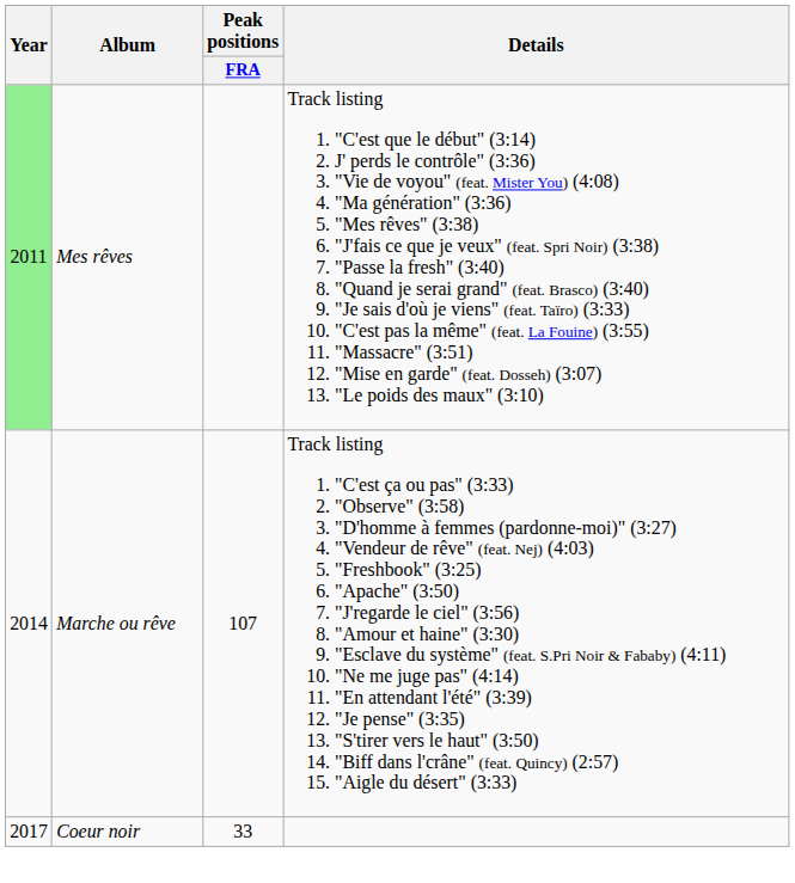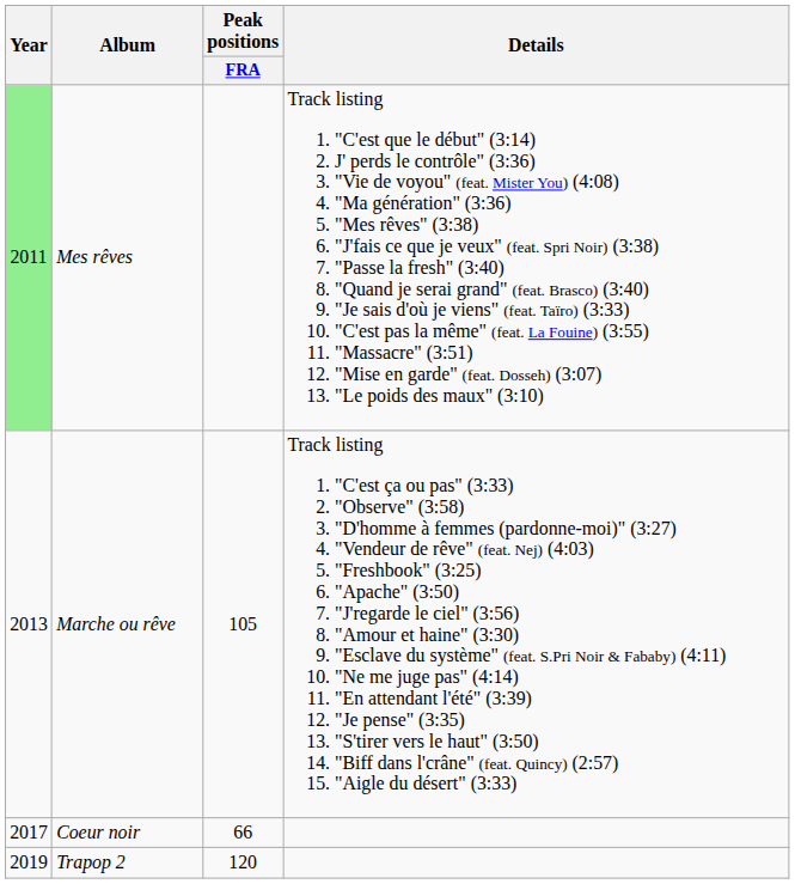 <table class="wikitable">
 <tr>
 <th align="center" rowspan="2" width="10">Year</th>
 <th align="center" rowspan="2" width="120">Album</th>
 <th align="center" colspan="1" width="20">Peak positions</th>
 <th align="center" rowspan="2" width="420">Details</th>
 </tr>
 <tr>
 <th scope="col" style="width:3em;font-size:90%;"><a href='#'>FRA</a><br></th>
 </tr>
 <tr>
 <td style="background: lightgreen; text-align:center;">2011</td>
 <td><em>Mes rêves</em></td>
 <td style="text-align:center;"></td>
 <td>Track listing<br><ol><li>"C'est que le début" (3:14)</li><li>J' perds le contrôle" (3:36)</li><li>"Vie de voyou" <small>(feat. <a href='#'>Mister You</a>)</small> (4:08)</li><li>"Ma génération" (3:36)</li><li>"Mes rêves" (3:38)</li><li>"J'fais ce que je veux" <small>(feat. Spri Noir)</small> (3:38)</li><li>"Passe la fresh" (3:40)</li><li>"Quand je serai grand" <small>(feat. Brasco)</small> (3:40)</li><li>"Je sais d'où je viens" <small>(feat. Taïro)</small> (3:33)</li><li>"C'est pas la même" <small>(feat. <a href='#'>La Fouine</a>)</small> (3:55)</li><li>"Massacre" (3:51)</li><li>"Mise en garde" <small>(feat. Dosseh)</small> (3:07)</li><li>"Le poids des maux" (3:10)</li></ol></td>
 </tr>
 <tr>
-<td style="text-align:center;">2014</td>
+<td style="text-align:center;">2013</td>
 <td><em>Marche ou rêve</em></td>
-<td style="text-align:center;">107</td>
+<td style="text-align:center;">105</td>
 <td>Track listing<br><ol><li>"C'est ça ou pas" (3:33)</li><li>"Observe" (3:58)</li><li>"D'homme à femmes (pardonne-moi)" (3:27)</li><li>"Vendeur de rêve" <small>(feat. Nej)</small> (4:03)</li><li>"Freshbook" (3:25)</li><li>"Apache" (3:50)</li><li>"J'regarde le ciel" (3:56)</li><li>"Amour et haine" (3:30)</li><li>"Esclave du système" <small>(feat. S.Pri Noir & Fababy)</small> (4:11)</li><li>"Ne me juge pas" (4:14)</li><li>"En attendant l'été" (3:39)</li><li>"Je pense" (3:35)</li><li>"S'tirer vers le haut" (3:50)</li><li>"Biff dans l'crâne" <small>(feat. Quincy)</small> (2:57)</li><li>"Aigle du désert" (3:33)</li></ol></td>
 </tr>
 <tr>
 <td style="text-align:center;">2017</td>
 <td><em>Coeur noir</em></td>
-<td style="text-align:center;">33<br></td>
+<td style="text-align:center;">66<br></td>
+<td style="text-align:center;"></td>
+</tr>
+<tr>
+<td style="text-align:center;">2019</td>
+<td><em>Trapop 2</em></td>
+<td style="text-align:center;">120<br></td>
 <td style="text-align:center;"></td>
 </tr>
 </table>
